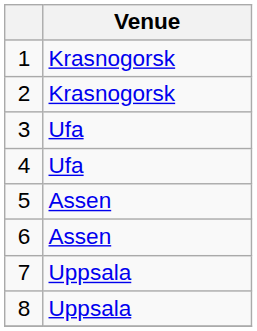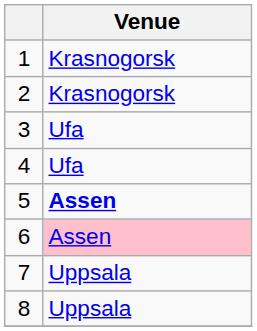 <table class="wikitable">
 <tr align=center>
 <th width=20px></th>
 <th width=140px>Venue</th>
 </tr>
 <tr>
 <td align=center>1</td>
 <td> <a href='#'>Krasnogorsk</a></td>
 </tr>
 <tr>
 <td align=center>2</td>
 <td> <a href='#'>Krasnogorsk</a></td>
 </tr>
 <tr>
 <td align=center>3</td>
 <td> <a href='#'>Ufa</a></td>
 </tr>
 <tr>
 <td align=center>4</td>
 <td> <a href='#'>Ufa</a></td>
 </tr>
 <tr>
 <td align=center>5</td>
-<td> <a href='#'>Assen</a></td>
+<td><strong> <a href='#'>Assen</a></strong></td>
 </tr>
 <tr>
 <td align=center>6</td>
-<td> <a href='#'>Assen</a></td>
+<td style="background: pink;"> <a href='#'>Assen</a></td>
 </tr>
 <tr>
 <td align=center>7</td>
 <td> <a href='#'>Uppsala</a></td>
 </tr>
 <tr>
 <td align=center>8</td>
 <td> <a href='#'>Uppsala</a></td>
 </tr>
 <tr>
 </tr>
 </table>
